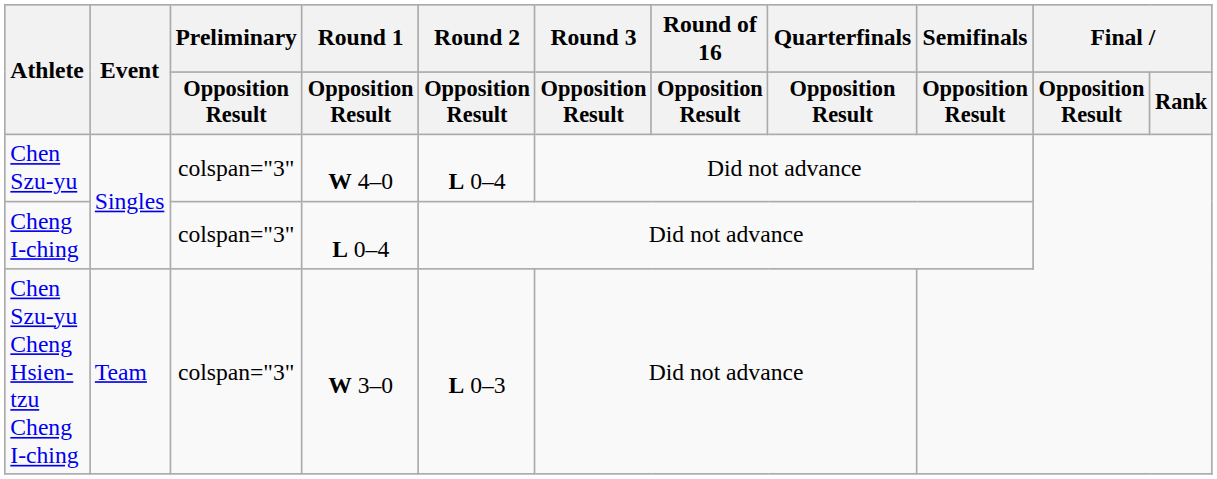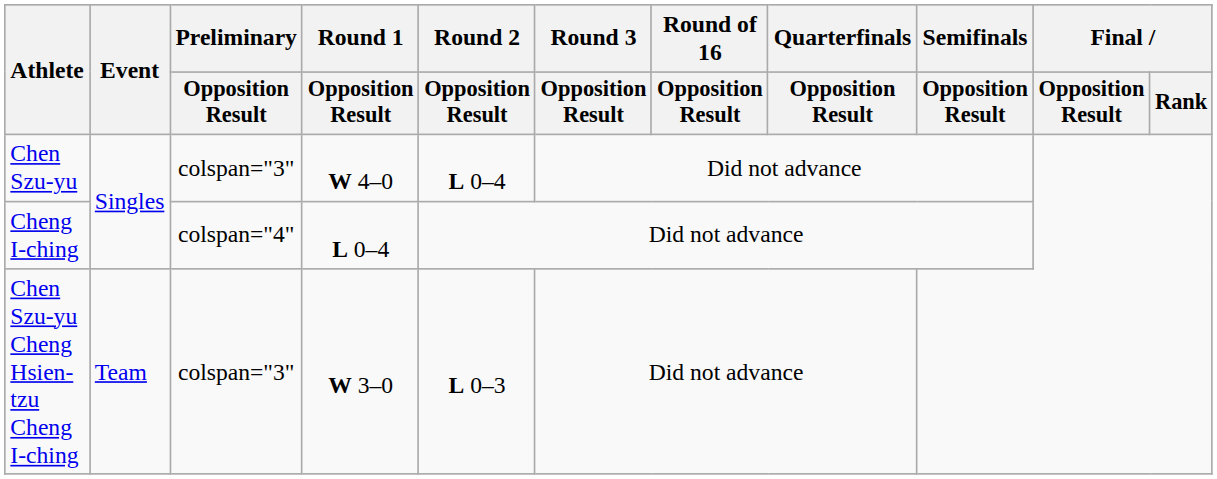 <table class="wikitable" style="font-size:90%; text-align:center">
 <tr>
 <th rowspan="2">Athlete</th>
 <th rowspan="2">Event</th>
 <th>Preliminary</th>
 <th>Round 1</th>
 <th>Round 2</th>
 <th>Round 3</th>
 <th>Round of 16</th>
 <th>Quarterfinals</th>
 <th>Semifinals</th>
 <th colspan="2">Final / </th>
 </tr>
 <tr style="font-size:95%">
 <th>Opposition<br>Result</th>
 <th>Opposition<br>Result</th>
 <th>Opposition<br>Result</th>
 <th>Opposition<br>Result</th>
 <th>Opposition<br>Result</th>
 <th>Opposition<br>Result</th>
 <th>Opposition<br>Result</th>
 <th>Opposition<br>Result</th>
 <th>Rank</th>
 </tr>
 <tr>
 <td align="left"><a href='#'>Chen Szu-yu</a></td>
 <td align=left rowspan="2"><a href='#'>Singles</a></td>
 <td>colspan="3" </td>
 <td><br><strong>W</strong> 4–0</td>
 <td><br><strong>L</strong> 0–4</td>
 <td colspan="4">Did not advance</td>
 </tr>
 <tr>
 <td align="left"><a href='#'>Cheng I-ching</a></td>
-<td>colspan="3" </td>
+<td>colspan="4" </td>
 <td><br><strong>L</strong> 0–4</td>
 <td colspan="5">Did not advance</td>
 </tr>
 <tr>
 <td align="left"><a href='#'>Chen Szu-yu</a><br><a href='#'>Cheng Hsien-tzu</a><br><a href='#'>Cheng I-ching</a></td>
 <td align="left"><a href='#'>Team</a></td>
 <td>colspan="3" </td>
 <td><br><strong>W</strong> 3–0</td>
 <td><br><strong>L</strong> 0–3</td>
 <td colspan="3">Did not advance</td>
 </tr>
 </table>
